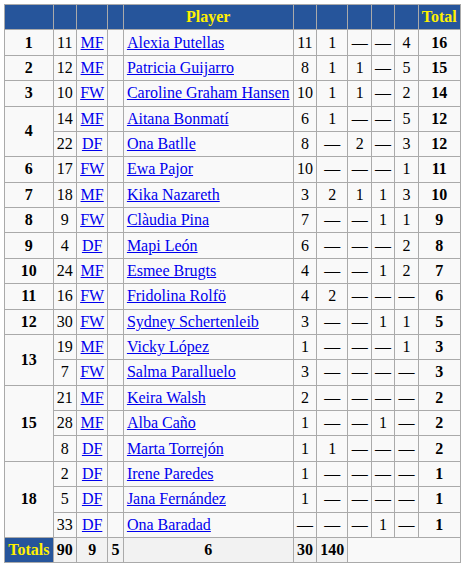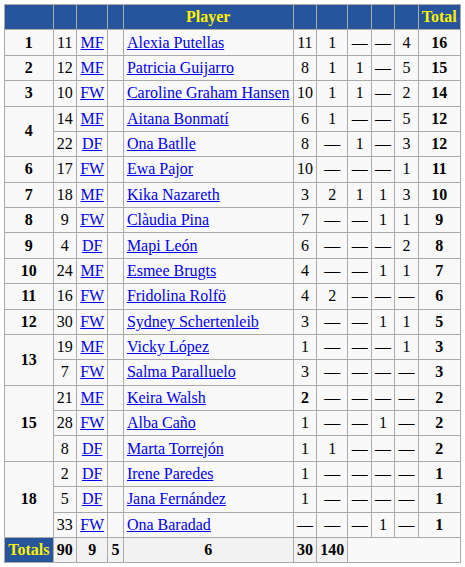 <table class="wikitable" style="text-align:center;">
 <tr>
 <th style="background:#26559B; color:#FFF000; "></th>
 <th style="background:#26559B; color:#FFF000; "></th>
 <th style="background:#26559B; color:#FFF000; "></th>
 <th style="background:#26559B; color:#FFF000; "></th>
 <th style="background:#26559B; color:#FFF000; ">Player</th>
 <th style="background:#26559B; color:#FFF000; "></th>
 <th style="background:#26559B; color:#FFF000; "></th>
 <th style="background:#26559B; color:#FFF000; "></th>
 <th style="background:#26559B; color:#FFF000; "></th>
 <th style="background:#26559B; color:#FFF000; "></th>
 <th style="background:#26559B; color:#FFF000; ">Total</th>
 </tr>
 <tr>
 <td><strong>1</strong></td>
 <td>11</td>
 <td><a href='#'>MF</a></td>
 <td></td>
 <td align="left"><a href='#'>Alexia Putellas</a></td>
 <td>11</td>
 <td>1</td>
 <td>—</td>
 <td>—</td>
 <td>4</td>
 <td><strong>16</strong></td>
 </tr>
 <tr>
 <td><strong>2</strong></td>
 <td>12</td>
 <td><a href='#'>MF</a></td>
 <td></td>
 <td align="left"><a href='#'>Patricia Guijarro</a></td>
 <td>8</td>
 <td>1</td>
 <td>1</td>
 <td>—</td>
 <td>5</td>
 <td><strong>15</strong></td>
 </tr>
 <tr>
 <td><strong>3</strong></td>
 <td>10</td>
 <td><a href='#'>FW</a></td>
 <td></td>
 <td align="left"><a href='#'>Caroline Graham Hansen</a></td>
 <td>10</td>
 <td>1</td>
 <td>1</td>
 <td>—</td>
 <td>2</td>
 <td><strong>14</strong></td>
 </tr>
 <tr>
 <td rowspan="2"><strong>4</strong></td>
 <td>14</td>
 <td><a href='#'>MF</a></td>
 <td></td>
 <td align="left"><a href='#'>Aitana Bonmatí</a></td>
 <td>6</td>
 <td>1</td>
 <td>—</td>
 <td>—</td>
 <td>5</td>
 <td><strong>12</strong></td>
 </tr>
 <tr>
 <td>22</td>
 <td><a href='#'>DF</a></td>
 <td></td>
 <td align="left"><a href='#'>Ona Batlle</a></td>
 <td>8</td>
 <td>—</td>
-<td>2</td>
+<td>1</td>
 <td>—</td>
 <td>3</td>
 <td><strong>12</strong></td>
 </tr>
 <tr>
 <td><strong>6</strong></td>
 <td>17</td>
 <td><a href='#'>FW</a></td>
 <td></td>
 <td align="left"><a href='#'>Ewa Pajor</a></td>
 <td>10</td>
 <td>—</td>
 <td>—</td>
 <td>—</td>
 <td>1</td>
 <td><strong>11</strong></td>
 </tr>
 <tr>
 <td><strong>7</strong></td>
 <td>18</td>
 <td><a href='#'>MF</a></td>
 <td></td>
 <td align="left"><a href='#'>Kika Nazareth</a></td>
 <td>3</td>
 <td>2</td>
 <td>1</td>
 <td>1</td>
 <td>3</td>
 <td><strong>10</strong></td>
 </tr>
 <tr>
 <td><strong>8</strong></td>
 <td>9</td>
 <td><a href='#'>FW</a></td>
 <td></td>
 <td align="left"><a href='#'>Clàudia Pina</a></td>
 <td>7</td>
 <td>—</td>
 <td>—</td>
 <td>1</td>
 <td>1</td>
 <td><strong>9</strong></td>
 </tr>
 <tr>
 <td><strong>9</strong></td>
 <td>4</td>
 <td><a href='#'>DF</a></td>
 <td></td>
 <td align="left"><a href='#'>Mapi León</a></td>
 <td>6</td>
 <td>—</td>
 <td>—</td>
 <td>—</td>
 <td>2</td>
 <td><strong>8</strong></td>
 </tr>
 <tr>
 <td><strong>10</strong></td>
 <td>24</td>
 <td><a href='#'>MF</a></td>
 <td></td>
 <td align="left"><a href='#'>Esmee Brugts</a></td>
 <td>4</td>
 <td>—</td>
 <td>—</td>
 <td>1</td>
-<td>2</td>
+<td>1</td>
 <td><strong>7</strong></td>
 </tr>
 <tr>
 <td><strong>11</strong></td>
 <td>16</td>
 <td><a href='#'>FW</a></td>
 <td></td>
 <td align="left"><a href='#'>Fridolina Rolfö</a></td>
 <td>4</td>
 <td>2</td>
 <td>—</td>
 <td>—</td>
 <td>—</td>
 <td><strong>6</strong></td>
 </tr>
 <tr>
 <td><strong>12</strong></td>
 <td>30</td>
 <td><a href='#'>FW</a></td>
 <td></td>
 <td align="left"><a href='#'>Sydney Schertenleib</a></td>
 <td>3</td>
 <td>—</td>
 <td>—</td>
 <td>1</td>
 <td>1</td>
 <td><strong>5</strong></td>
 </tr>
 <tr>
 <td rowspan="2"><strong>13</strong></td>
 <td>19</td>
 <td><a href='#'>MF</a></td>
 <td></td>
 <td align="left"><a href='#'>Vicky López</a></td>
 <td>1</td>
 <td>—</td>
 <td>—</td>
 <td>—</td>
 <td>1</td>
 <td><strong>3</strong></td>
 </tr>
 <tr>
 <td>7</td>
 <td><a href='#'>FW</a></td>
 <td></td>
 <td align="left"><a href='#'>Salma Paralluelo</a></td>
 <td>3</td>
 <td>—</td>
 <td>—</td>
 <td>—</td>
 <td>—</td>
 <td><strong>3</strong></td>
 </tr>
 <tr>
 <td rowspan="3"><strong>15</strong></td>
 <td>21</td>
 <td><a href='#'>MF</a></td>
 <td></td>
 <td align="left"><a href='#'>Keira Walsh</a></td>
-<td>2</td>
+<td><strong>2</strong></td>
 <td>—</td>
 <td>—</td>
 <td>—</td>
 <td>—</td>
 <td><strong>2</strong></td>
 </tr>
 <tr>
 <td>28</td>
-<td><a href='#'>MF</a></td>
+<td><a href='#'>FW</a></td>
 <td></td>
 <td align="left"><a href='#'>Alba Caño</a></td>
 <td>1</td>
 <td>—</td>
 <td>—</td>
 <td>1</td>
 <td>—</td>
 <td><strong>2</strong></td>
 </tr>
 <tr>
 <td>8</td>
 <td><a href='#'>DF</a></td>
 <td></td>
 <td align="left"><a href='#'>Marta Torrejón</a></td>
 <td>1</td>
 <td>1</td>
 <td>—</td>
 <td>—</td>
 <td>—</td>
 <td><strong>2</strong></td>
 </tr>
 <tr>
 <td rowspan="3"><strong>18</strong></td>
 <td>2</td>
 <td><a href='#'>DF</a></td>
 <td></td>
 <td align="left"><a href='#'>Irene Paredes</a></td>
 <td>1</td>
 <td>—</td>
 <td>—</td>
 <td>—</td>
 <td>—</td>
 <td><strong>1</strong></td>
 </tr>
 <tr>
 <td>5</td>
 <td><a href='#'>DF</a></td>
 <td></td>
 <td align="left"><a href='#'>Jana Fernández</a></td>
 <td>1</td>
 <td>—</td>
 <td>—</td>
 <td>—</td>
 <td>—</td>
 <td><strong>1</strong></td>
 </tr>
 <tr>
 <td>33</td>
-<td><a href='#'>DF</a></td>
+<td><a href='#'>FW</a></td>
 <td></td>
 <td align="left"><a href='#'>Ona Baradad</a></td>
 <td>—</td>
 <td>—</td>
 <td>—</td>
 <td>1</td>
 <td>—</td>
 <td><strong>1</strong></td>
 </tr>
 <tr>
 <th style="background:#26559B; color:#FFF000; ">Totals</th>
 <th>90</th>
 <th>9</th>
 <th>5</th>
 <th>6</th>
 <th>30</th>
 <th>140</th>
 </tr>
 </table>
